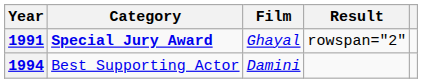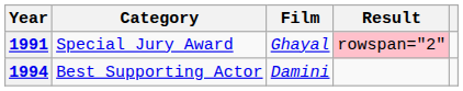 <table Class="wikitable">
 <tr>
 <th>Year</th>
 <th>Category</th>
 <th>Film</th>
 <th>Result</th>
 <th></th>
 </tr>
 <tr>
 <th><a href='#'>1991</a></th>
-<td><strong><a href='#'>Special Jury Award</a></strong></td>
+<td><a href='#'>Special Jury Award</a></td>
 <td><em><a href='#'>Ghayal</a></em></td>
-<td>rowspan="2" </td>
+<td style="background: pink;">rowspan="2" </td>
 <td></td>
 </tr>
 <tr>
 <th><a href='#'>1994</a></th>
 <td><a href='#'>Best Supporting Actor</a></td>
 <td><em><a href='#'>Damini</a></em></td>
 <td></td>
 </tr>
 </table>
